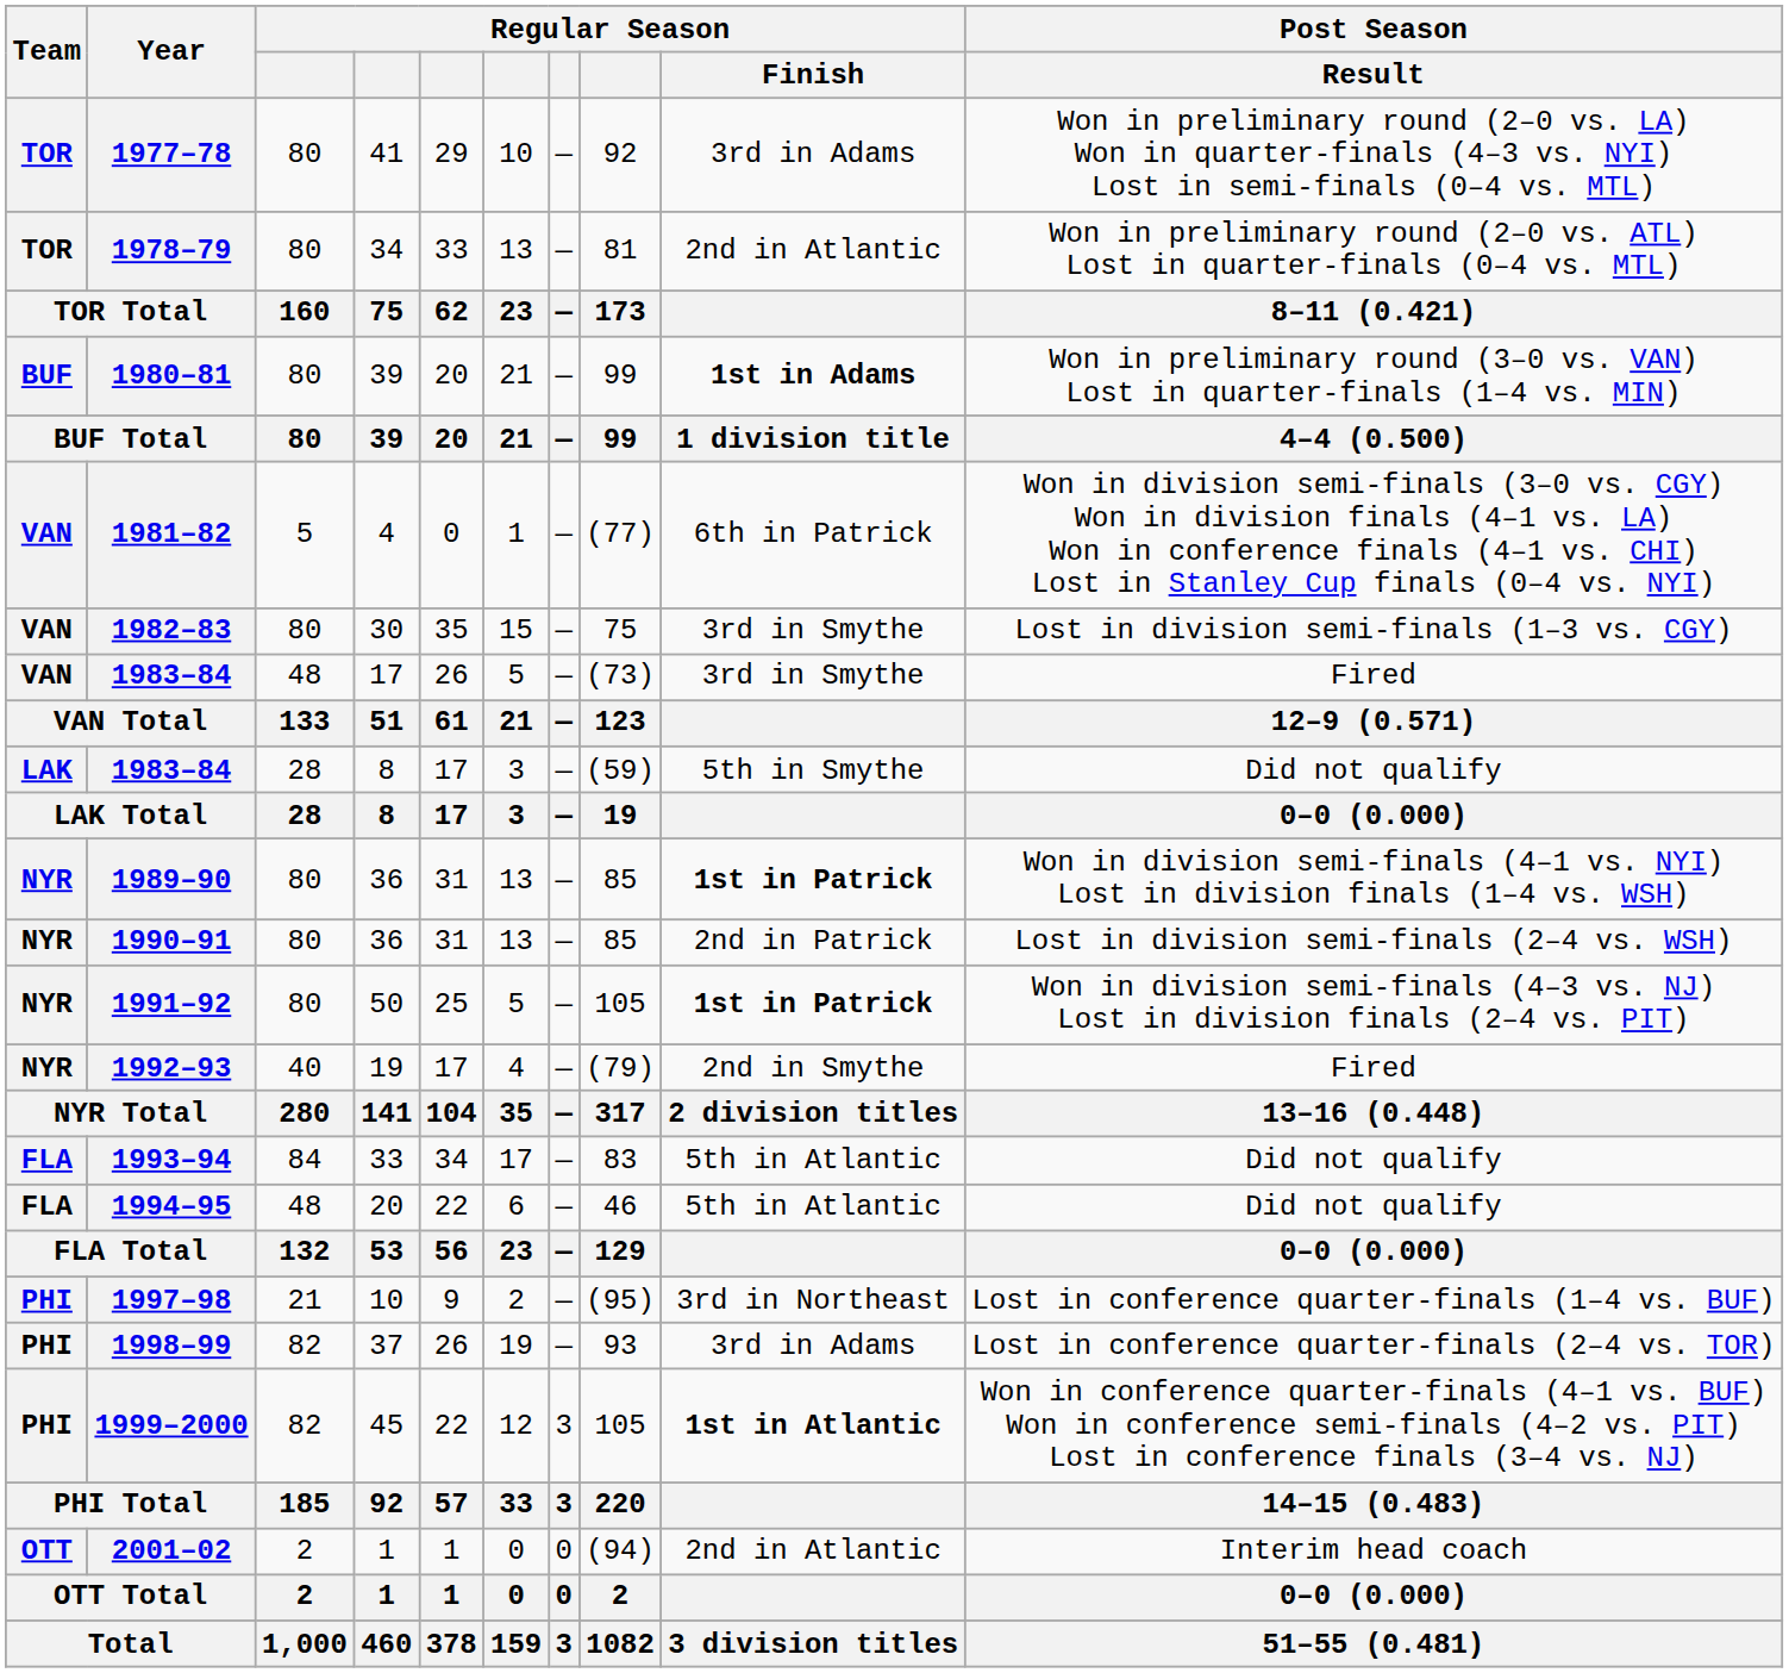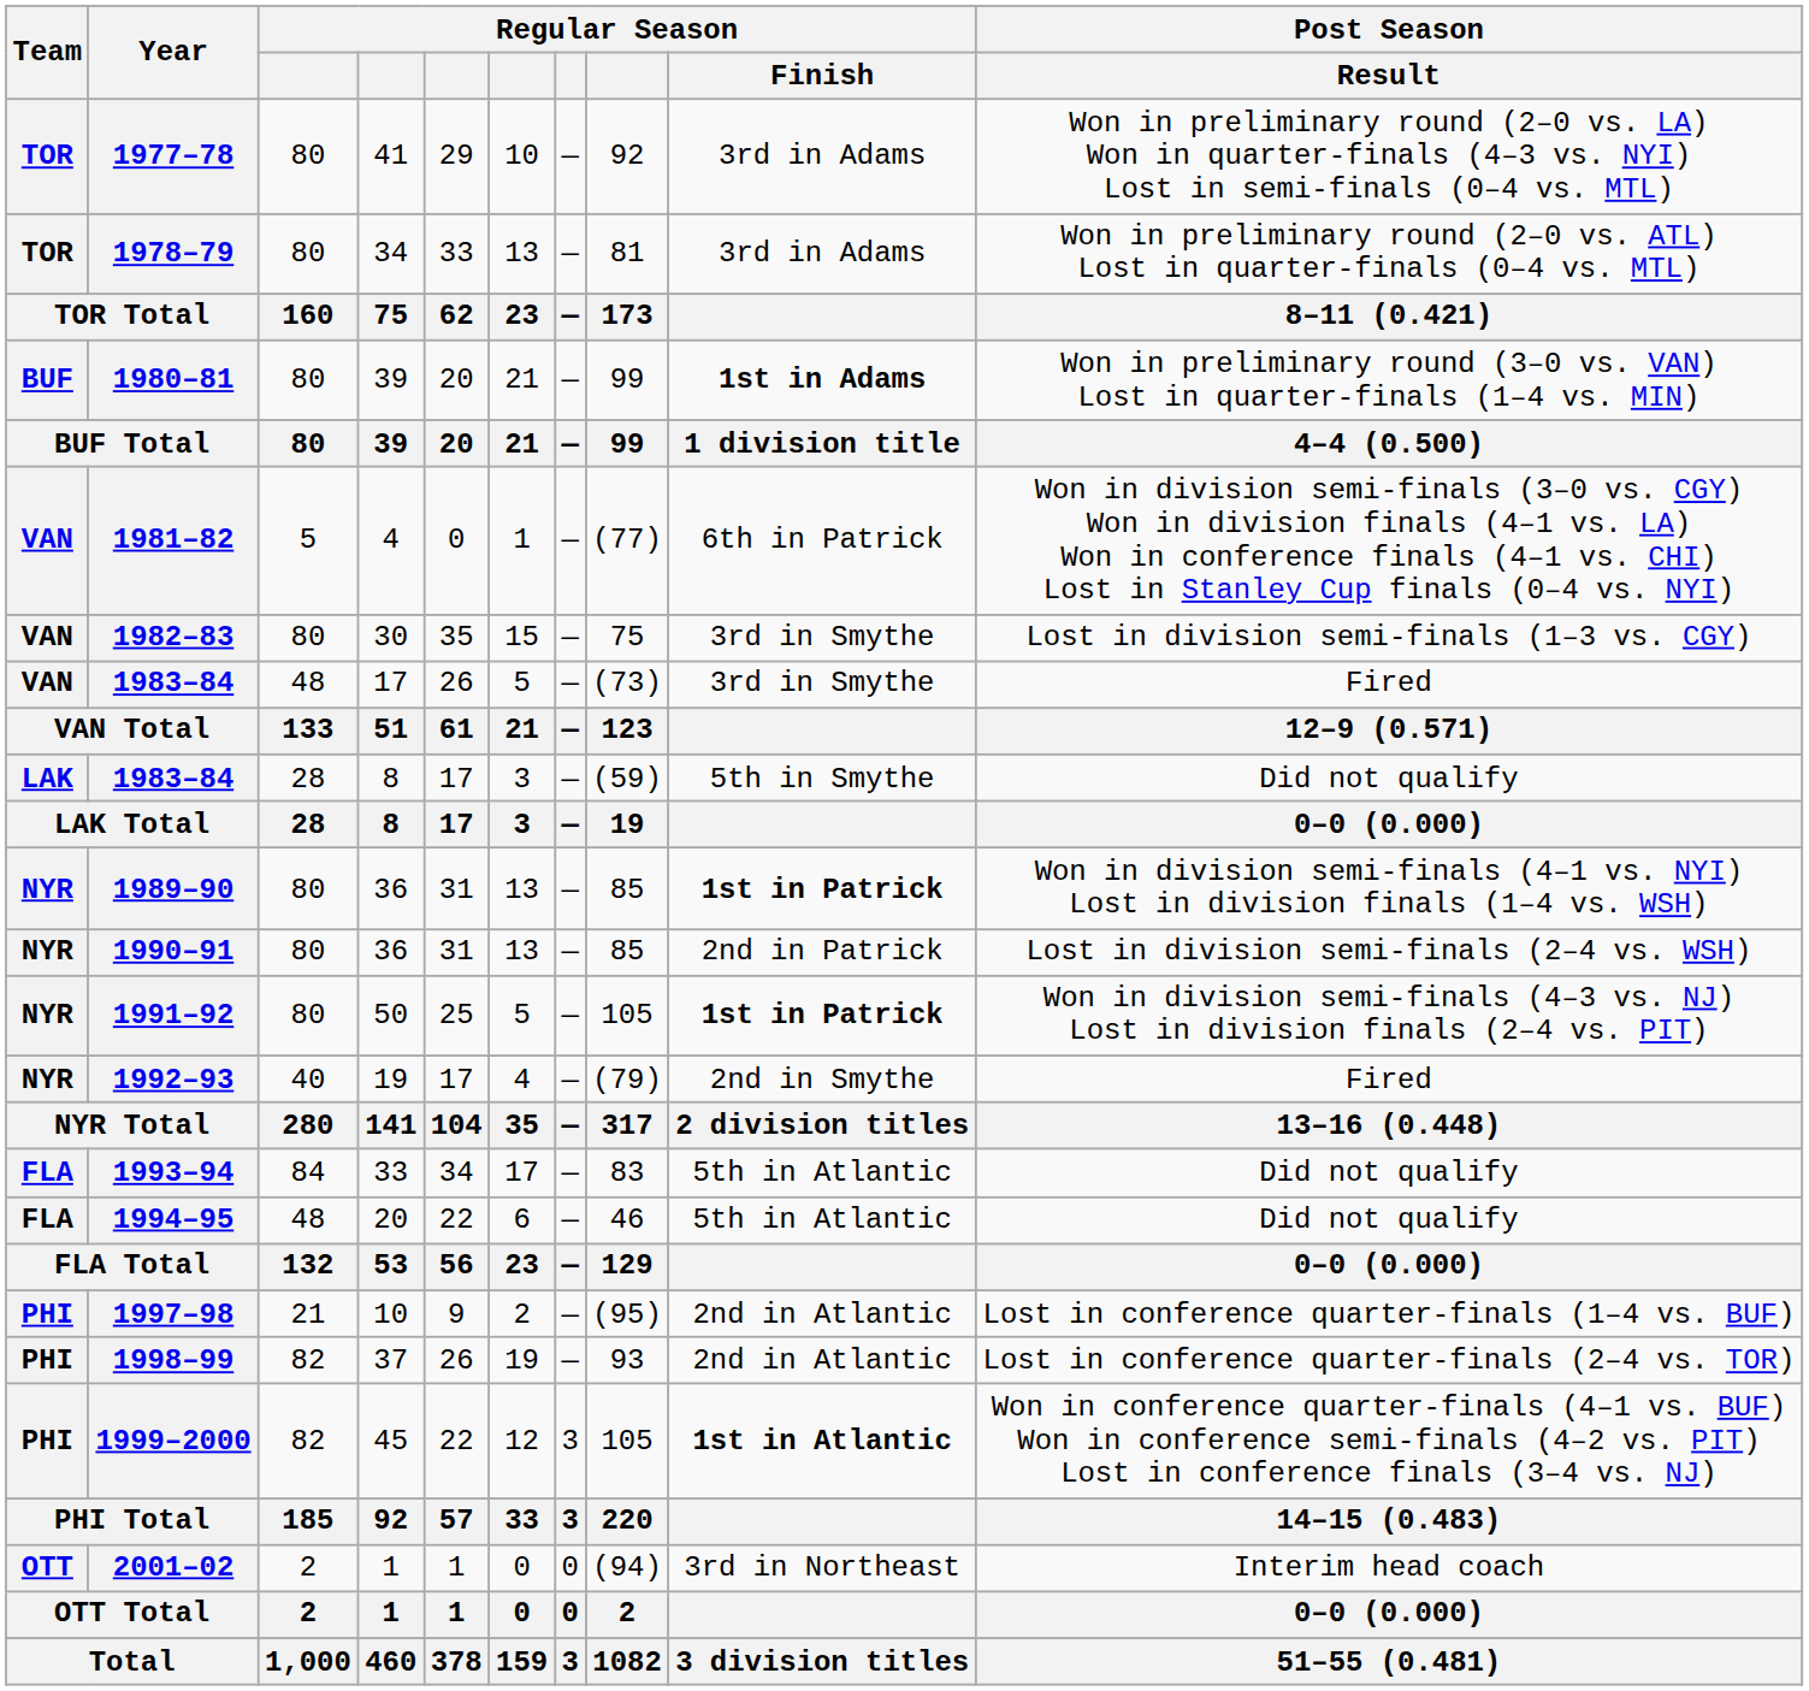 <table class="wikitable" style="text-align:center;">
 <tr>
 <th scope="col" rowspan="2">Team</th>
 <th scope="col" rowspan="2">Year</th>
 <th scope="col" colspan="7">Regular Season</th>
 <th scope="col">Post Season</th>
 </tr>
 <tr>
 <th scope="col"></th>
 <th scope="col"></th>
 <th scope="col"></th>
 <th scope="col"></th>
 <th scope="col"></th>
 <th scope="col"></th>
 <th scope="col">Finish</th>
 <th scope="col">Result</th>
 </tr>
 <tr>
 <th scope="row"><a href='#'>TOR</a></th>
 <th><a href='#'>1977–78</a></th>
 <td>80</td>
 <td>41</td>
 <td>29</td>
 <td>10</td>
 <td>—</td>
 <td>92</td>
 <td>3rd in Adams</td>
 <td>Won in preliminary round (2–0 vs. <a href='#'>LA</a>) <br> Won in quarter-finals (4–3 vs. <a href='#'>NYI</a>) <br> Lost in semi-finals (0–4 vs. <a href='#'>MTL</a>)</td>
 </tr>
 <tr>
 <th scope="row">TOR</th>
 <th><a href='#'>1978–79</a></th>
 <td>80</td>
 <td>34</td>
 <td>33</td>
 <td>13</td>
 <td>—</td>
 <td>81</td>
-<td>2nd in Atlantic</td>
+<td>3rd in Adams</td>
 <td>Won in preliminary round (2–0 vs. <a href='#'>ATL</a>) <br> Lost in quarter-finals (0–4 vs. <a href='#'>MTL</a>)</td>
 </tr>
 <tr>
 <th colspan="2">TOR Total</th>
 <th>160</th>
 <th>75</th>
 <th>62</th>
 <th>23</th>
 <th>—</th>
 <th>173</th>
 <th></th>
 <th>8–11 (0.421)</th>
 </tr>
 <tr>
 <th scope="row"><a href='#'>BUF</a></th>
 <th><a href='#'>1980–81</a></th>
 <td>80</td>
 <td>39</td>
 <td>20</td>
 <td>21</td>
 <td>—</td>
 <td>99</td>
 <td><strong>1st in Adams</strong></td>
 <td>Won in preliminary round (3–0 vs. <a href='#'>VAN</a>) <br> Lost in quarter-finals (1–4 vs. <a href='#'>MIN</a>)</td>
 </tr>
 <tr>
 <th colspan="2">BUF Total</th>
 <th>80</th>
 <th>39</th>
 <th>20</th>
 <th>21</th>
 <th>—</th>
 <th>99</th>
 <th>1 division title</th>
 <th>4–4 (0.500)</th>
 </tr>
 <tr>
 <th scope="row"><a href='#'>VAN</a></th>
 <th><a href='#'>1981–82</a></th>
 <td>5</td>
 <td>4</td>
 <td>0</td>
 <td>1</td>
 <td>—</td>
 <td>(77)</td>
 <td>6th in Patrick</td>
 <td>Won in division semi-finals (3–0 vs. <a href='#'>CGY</a>) <br> Won in division finals (4–1 vs. <a href='#'>LA</a>) <br> Won in conference finals (4–1 vs. <a href='#'>CHI</a>) <br> Lost in <a href='#'>Stanley Cup</a> finals (0–4 vs. <a href='#'>NYI</a>)</td>
 </tr>
 <tr>
 <th scope="row">VAN</th>
 <th><a href='#'>1982–83</a></th>
 <td>80</td>
 <td>30</td>
 <td>35</td>
 <td>15</td>
 <td>—</td>
 <td>75</td>
 <td>3rd in Smythe</td>
 <td>Lost in division semi-finals (1–3 vs. <a href='#'>CGY</a>)</td>
 </tr>
 <tr>
 <th scope="row">VAN</th>
 <th><a href='#'>1983–84</a></th>
 <td>48</td>
 <td>17</td>
 <td>26</td>
 <td>5</td>
 <td>—</td>
 <td>(73)</td>
 <td>3rd in Smythe</td>
 <td>Fired</td>
 </tr>
 <tr>
 <th colspan="2">VAN Total</th>
 <th>133</th>
 <th>51</th>
 <th>61</th>
 <th>21</th>
 <th>—</th>
 <th>123</th>
 <th></th>
 <th>12–9 (0.571)</th>
 </tr>
 <tr>
 <th scope="row"><a href='#'>LAK</a></th>
 <th><a href='#'>1983–84</a></th>
 <td>28</td>
 <td>8</td>
 <td>17</td>
 <td>3</td>
 <td>—</td>
 <td>(59)</td>
 <td>5th in Smythe</td>
 <td>Did not qualify</td>
 </tr>
 <tr>
 <th colspan="2">LAK Total</th>
 <th>28</th>
 <th>8</th>
 <th>17</th>
 <th>3</th>
 <th>—</th>
 <th>19</th>
 <th></th>
 <th>0–0 (0.000)</th>
 </tr>
 <tr>
 <th scope="row"><a href='#'>NYR</a></th>
 <th><a href='#'>1989–90</a></th>
 <td>80</td>
 <td>36</td>
 <td>31</td>
 <td>13</td>
 <td>—</td>
 <td>85</td>
 <td><strong>1st in Patrick</strong></td>
 <td>Won in division semi-finals (4–1 vs. <a href='#'>NYI</a>) <br> Lost in division finals (1–4 vs. <a href='#'>WSH</a>)</td>
 </tr>
 <tr>
 <th scope="row">NYR</th>
 <th><a href='#'>1990–91</a></th>
 <td>80</td>
 <td>36</td>
 <td>31</td>
 <td>13</td>
 <td>—</td>
 <td>85</td>
 <td>2nd in Patrick</td>
 <td>Lost in division semi-finals (2–4 vs. <a href='#'>WSH</a>)</td>
 </tr>
 <tr>
 <th scope="row">NYR</th>
 <th><a href='#'>1991–92</a></th>
 <td>80</td>
 <td>50</td>
 <td>25</td>
 <td>5</td>
 <td>—</td>
 <td>105</td>
 <td><strong>1st in Patrick</strong></td>
 <td>Won in division semi-finals (4–3 vs. <a href='#'>NJ</a>) <br> Lost in division finals (2–4 vs. <a href='#'>PIT</a>)</td>
 </tr>
 <tr>
 <th scope="row">NYR</th>
 <th><a href='#'>1992–93</a></th>
 <td>40</td>
 <td>19</td>
 <td>17</td>
 <td>4</td>
 <td>—</td>
 <td>(79)</td>
 <td>2nd in Smythe</td>
 <td>Fired</td>
 </tr>
 <tr>
 <th colspan="2">NYR Total</th>
 <th>280</th>
 <th>141</th>
 <th>104</th>
 <th>35</th>
 <th>—</th>
 <th>317</th>
 <th>2 division titles</th>
 <th>13–16 (0.448)</th>
 </tr>
 <tr>
 <th scope="row"><a href='#'>FLA</a></th>
 <th><a href='#'>1993–94</a></th>
 <td>84</td>
 <td>33</td>
 <td>34</td>
 <td>17</td>
 <td>—</td>
 <td>83</td>
 <td>5th in Atlantic</td>
 <td>Did not qualify</td>
 </tr>
 <tr>
 <th scope="row">FLA</th>
 <th><a href='#'>1994–95</a></th>
 <td>48</td>
 <td>20</td>
 <td>22</td>
 <td>6</td>
 <td>—</td>
 <td>46</td>
 <td>5th in Atlantic</td>
 <td>Did not qualify</td>
 </tr>
 <tr>
 <th colspan="2">FLA Total</th>
 <th>132</th>
 <th>53</th>
 <th>56</th>
 <th>23</th>
 <th>—</th>
 <th>129</th>
 <th></th>
 <th>0–0 (0.000)</th>
 </tr>
 <tr>
 <th scope="row"><a href='#'>PHI</a></th>
 <th><a href='#'>1997–98</a></th>
 <td>21</td>
 <td>10</td>
 <td>9</td>
 <td>2</td>
 <td>—</td>
 <td>(95)</td>
-<td>3rd in Northeast</td>
+<td>2nd in Atlantic</td>
 <td>Lost in conference quarter-finals (1–4 vs. <a href='#'>BUF</a>)</td>
 </tr>
 <tr>
 <th scope="row">PHI</th>
 <th><a href='#'>1998–99</a></th>
 <td>82</td>
 <td>37</td>
 <td>26</td>
 <td>19</td>
 <td>—</td>
 <td>93</td>
-<td>3rd in Adams</td>
+<td>2nd in Atlantic</td>
 <td>Lost in conference quarter-finals (2–4 vs. <a href='#'>TOR</a>)</td>
 </tr>
 <tr>
 <th scope="row">PHI</th>
 <th><a href='#'>1999–2000</a></th>
 <td>82</td>
 <td>45</td>
 <td>22</td>
 <td>12</td>
 <td>3</td>
 <td>105</td>
 <td><strong>1st in Atlantic</strong></td>
 <td>Won in conference quarter-finals (4–1 vs. <a href='#'>BUF</a>) <br> Won in conference semi-finals (4–2 vs. <a href='#'>PIT</a>) <br> Lost in conference finals (3–4 vs. <a href='#'>NJ</a>)</td>
 </tr>
 <tr>
 <th colspan="2">PHI Total</th>
 <th>185</th>
 <th>92</th>
 <th>57</th>
 <th>33</th>
 <th>3</th>
 <th>220</th>
 <th></th>
 <th>14–15 (0.483)</th>
 </tr>
 <tr>
 <th scope="row"><a href='#'>OTT</a></th>
 <th><a href='#'>2001–02</a></th>
 <td>2</td>
 <td>1</td>
 <td>1</td>
 <td>0</td>
 <td>0</td>
 <td>(94)</td>
-<td>2nd in Atlantic</td>
+<td>3rd in Northeast</td>
 <td>Interim head coach</td>
 </tr>
 <tr>
 <th colspan="2">OTT Total</th>
 <th>2</th>
 <th>1</th>
 <th>1</th>
 <th>0</th>
 <th>0</th>
 <th>2</th>
 <th></th>
 <th>0–0 (0.000)</th>
 </tr>
 <tr>
 <th colspan="2">Total</th>
 <th>1,000</th>
 <th>460</th>
 <th>378</th>
 <th>159</th>
 <th>3</th>
 <th>1082</th>
 <th>3 division titles</th>
 <th>51–55 (0.481)</th>
 </tr>
 </table>
